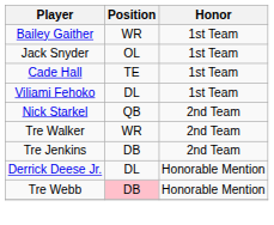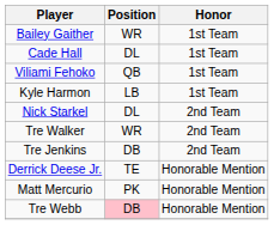 <table class="wikitable sortable sortable" style="text-align: center">
 <tr>
 <th>Player</th>
 <th>Position</th>
 <th>Honor</th>
 </tr>
 <tr>
 <td><a href='#'>Bailey Gaither</a></td>
 <td>WR</td>
 <td>1st Team</td>
 </tr>
 <tr>
-<td>Jack Snyder</td>
-<td>OL</td>
-<td>1st Team</td>
-</tr>
-<tr>
 <td><a href='#'>Cade Hall</a></td>
-<td>TE</td>
+<td>DL</td>
 <td>1st Team</td>
 </tr>
 <tr>
 <td><a href='#'>Viliami Fehoko</a></td>
-<td>DL</td>
+<td>QB</td>
+<td>1st Team</td>
+</tr>
+<tr>
+<td>Kyle Harmon</td>
+<td>LB</td>
 <td>1st Team</td>
 </tr>
 <tr>
 <td><a href='#'>Nick Starkel</a></td>
-<td>QB</td>
+<td>DL</td>
 <td>2nd Team</td>
 </tr>
 <tr>
 <td>Tre Walker</td>
 <td>WR</td>
 <td>2nd Team</td>
 </tr>
 <tr>
 <td>Tre Jenkins</td>
 <td>DB</td>
 <td>2nd Team</td>
 </tr>
 <tr>
 <td><a href='#'>Derrick Deese Jr.</a></td>
-<td>DL</td>
+<td>TE</td>
+<td>Honorable Mention</td>
+</tr>
+<tr>
+<td>Matt Mercurio</td>
+<td>PK</td>
 <td>Honorable Mention</td>
 </tr>
 <tr>
 <td>Tre Webb</td>
 <td style="background: pink;">DB</td>
 <td>Honorable Mention</td>
 </tr>
 <tr>
 </tr>
 </table>
